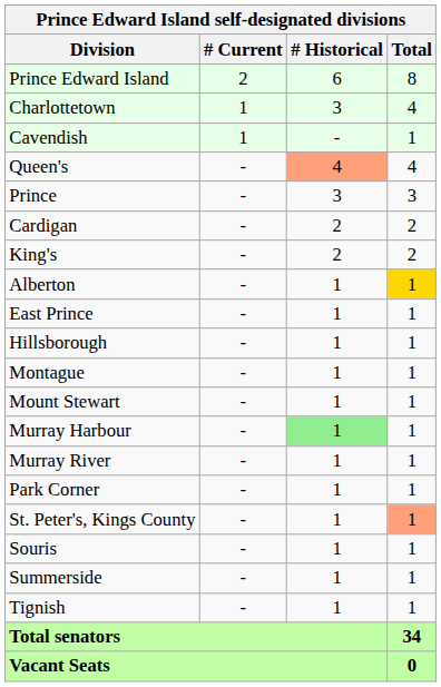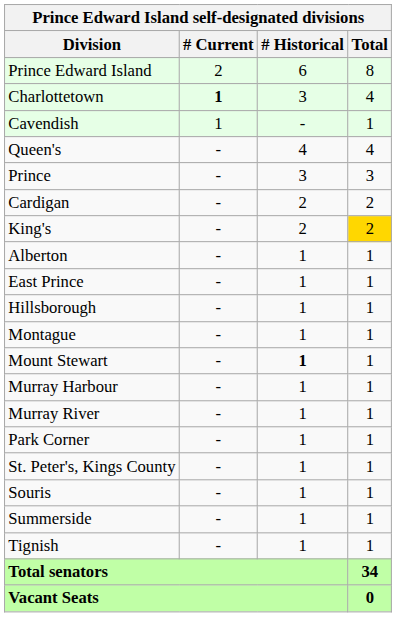 <table class="wikitable collapsible collapsed">
 <tr>
 <th colspan="4" align="center"><strong>Prince Edward Island self-designated divisions</strong></th>
 </tr>
 <tr>
 <th align=left>Division</th>
 <th align=center># Current</th>
 <th align=center># Historical</th>
 <th align=center>Total</th>
 </tr>
 <tr bgcolor="#E6FFE6">
 <td align=left>Prince Edward Island</td>
 <td align=center>2</td>
 <td align=center>6</td>
 <td align=center>8</td>
 </tr>
 <tr bgcolor="#E6FFE6">
 <td align=left>Charlottetown</td>
-<td align=center>1</td>
+<td align=center><strong>1</strong></td>
 <td align=center>3</td>
 <td align=center>4</td>
 </tr>
 <tr bgcolor="#E6FFE6">
 <td align=left>Cavendish</td>
 <td align=center>1</td>
 <td align=center>-</td>
 <td align=center>1</td>
 </tr>
 <tr>
 <td align=left>Queen's</td>
 <td align=center>-</td>
-<td align=center style="background: lightsalmon;">4</td>
+<td align=center>4</td>
 <td align=center>4</td>
 </tr>
 <tr>
 <td align=left>Prince</td>
 <td align=center>-</td>
 <td align=center>3</td>
 <td align=center>3</td>
 </tr>
 <tr>
 <td align=left>Cardigan</td>
 <td align=center>-</td>
 <td align=center>2</td>
 <td align=center>2</td>
 </tr>
 <tr>
 <td align=left>King's</td>
 <td align=center>-</td>
 <td align=center>2</td>
-<td align=center>2</td>
+<td align=center style="background: gold;">2</td>
 </tr>
 <tr>
 <td align=left>Alberton</td>
 <td align=center>-</td>
 <td align=center>1</td>
-<td align=center style="background: gold;">1</td>
+<td align=center>1</td>
 </tr>
 <tr>
 <td align=left>East Prince</td>
 <td align=center>-</td>
 <td align=center>1</td>
 <td align=center>1</td>
 </tr>
 <tr>
 <td align=left>Hillsborough</td>
 <td align=center>-</td>
 <td align=center>1</td>
 <td align=center>1</td>
 </tr>
 <tr>
 <td align=left>Montague</td>
 <td align=center>-</td>
 <td align=center>1</td>
 <td align=center>1</td>
 </tr>
 <tr>
 <td align=left>Mount Stewart</td>
 <td align=center>-</td>
-<td align=center>1</td>
+<td align=center><strong>1</strong></td>
 <td align=center>1</td>
 </tr>
 <tr>
 <td align=left>Murray Harbour</td>
 <td align=center>-</td>
-<td align=center style="background: lightgreen;">1</td>
+<td align=center>1</td>
 <td align=center>1</td>
 </tr>
 <tr>
 <td align=left>Murray River</td>
 <td align=center>-</td>
 <td align=center>1</td>
 <td align=center>1</td>
 </tr>
 <tr>
 <td align=left>Park Corner</td>
 <td align=center>-</td>
 <td align=center>1</td>
 <td align=center>1</td>
 </tr>
 <tr>
 <td align=left>St. Peter's, Kings County</td>
 <td align=center>-</td>
 <td align=center>1</td>
-<td align=center style="background: lightsalmon;">1</td>
+<td align=center>1</td>
 </tr>
 <tr>
 <td align=left>Souris</td>
 <td align=center>-</td>
 <td align=center>1</td>
 <td align=center>1</td>
 </tr>
 <tr>
 <td align=left>Summerside</td>
 <td align=center>-</td>
 <td align=center>1</td>
 <td align=center>1</td>
 </tr>
 <tr>
 <td align=left>Tignish</td>
 <td align=center>-</td>
 <td align=center>1</td>
 <td align=center>1</td>
 </tr>
 <tr bgcolor=#C0FFA6>
 <td align=left colspan=3><strong>Total senators</strong></td>
 <td align=center><strong>34</strong></td>
 </tr>
 <tr bgcolor=#C0FFA6>
 <td align=left colspan=3><strong>Vacant Seats</strong></td>
 <td align=center><strong>0</strong></td>
 </tr>
 </table>
